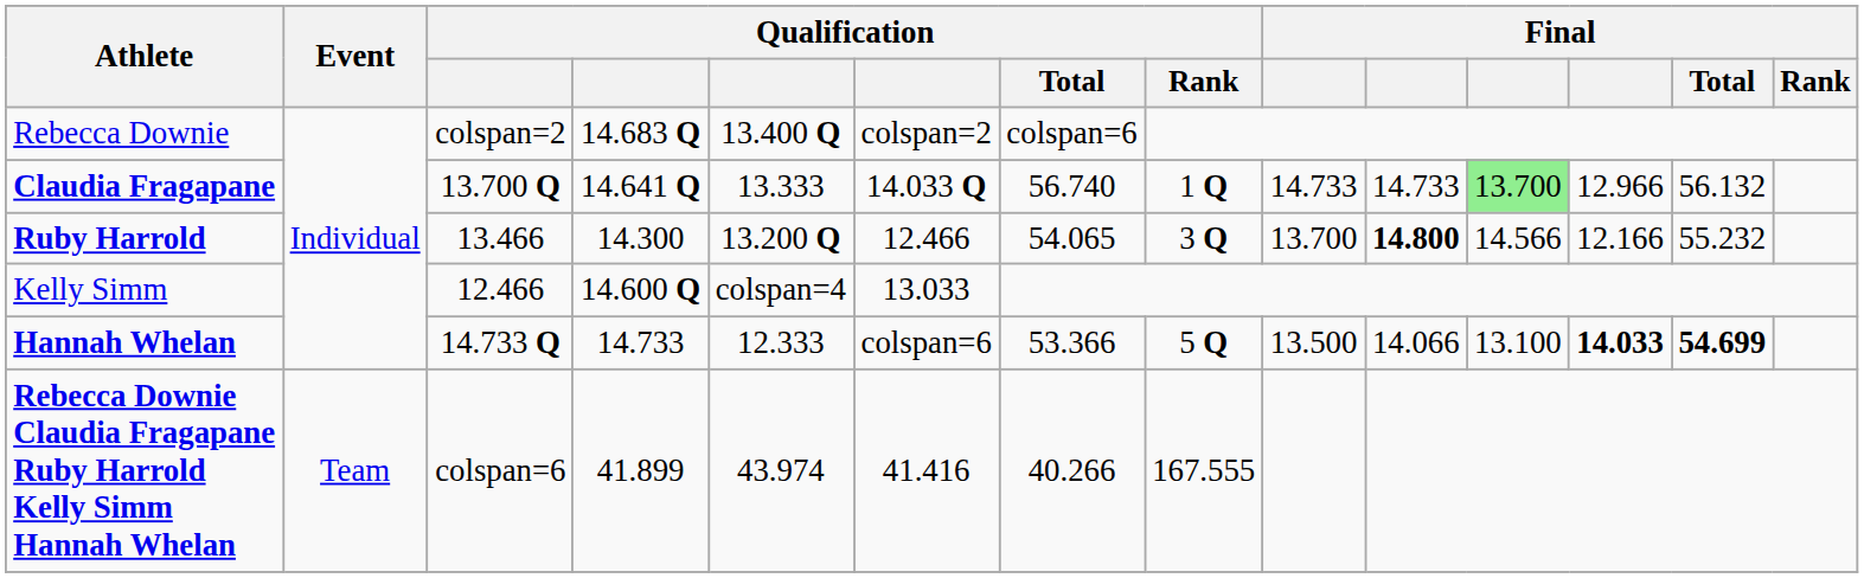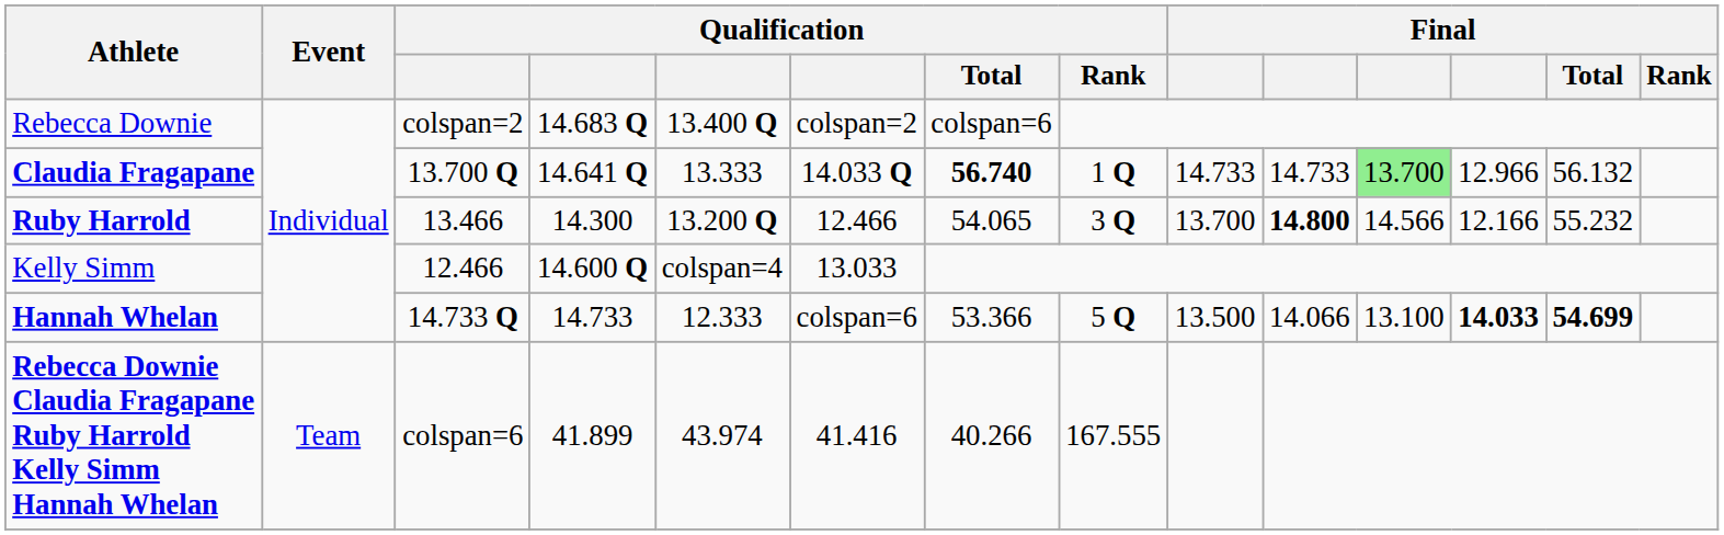 <table class="wikitable" style="font-size:90%">
 <tr>
 <th rowspan=2>Athlete</th>
 <th rowspan=2>Event</th>
 <th colspan =6>Qualification</th>
 <th colspan =6>Final</th>
 </tr>
 <tr style="font-size:95%">
 <th></th>
 <th></th>
 <th></th>
 <th></th>
 <th>Total</th>
 <th>Rank</th>
 <th></th>
 <th></th>
 <th></th>
 <th></th>
 <th>Total</th>
 <th>Rank</th>
 </tr>
 <tr align=center>
 <td align=left><a href='#'>Rebecca Downie</a></td>
 <td style="text-align:left;" rowspan="5"><a href='#'>Individual</a></td>
 <td>colspan=2 </td>
 <td>14.683 <strong>Q</strong></td>
 <td>13.400 <strong>Q</strong></td>
 <td>colspan=2 </td>
 <td>colspan=6 </td>
 </tr>
 <tr align=center>
 <td align=left><strong><a href='#'>Claudia Fragapane</a></strong></td>
 <td>13.700 <strong>Q</strong></td>
 <td>14.641 <strong>Q</strong></td>
 <td>13.333</td>
 <td>14.033 <strong>Q</strong></td>
-<td>56.740</td>
+<td><strong>56.740</strong></td>
 <td>1 <strong>Q</strong></td>
 <td>14.733</td>
 <td>14.733</td>
 <td style="background: lightgreen;">13.700</td>
 <td>12.966</td>
 <td>56.132</td>
 <td></td>
 </tr>
 <tr align=center>
 <td align=left><strong><a href='#'>Ruby Harrold</a></strong></td>
 <td>13.466</td>
 <td>14.300</td>
 <td>13.200 <strong>Q</strong></td>
 <td>12.466</td>
 <td>54.065</td>
 <td>3 <strong>Q</strong></td>
 <td>13.700</td>
 <td><strong>14.800</strong></td>
 <td>14.566</td>
 <td>12.166</td>
 <td>55.232</td>
 <td></td>
 </tr>
 <tr align=center>
 <td align=left><a href='#'>Kelly Simm</a></td>
 <td>12.466</td>
 <td>14.600 <strong>Q</strong></td>
 <td>colspan=4 </td>
 <td>13.033</td>
 </tr>
 <tr align=center>
 <td align=left><strong><a href='#'>Hannah Whelan</a></strong></td>
 <td>14.733 <strong>Q</strong></td>
 <td>14.733</td>
 <td>12.333</td>
 <td>colspan=6 </td>
 <td>53.366</td>
 <td>5 <strong>Q</strong></td>
 <td>13.500</td>
 <td>14.066</td>
 <td>13.100</td>
 <td><strong>14.033</strong></td>
 <td><strong>54.699</strong></td>
 <td></td>
 </tr>
 <tr align=center>
 <td align=left><strong><a href='#'>Rebecca Downie</a><br><a href='#'>Claudia Fragapane</a><br><a href='#'>Ruby Harrold</a><br><a href='#'>Kelly Simm</a><br><a href='#'>Hannah Whelan</a></strong></td>
 <td><a href='#'>Team</a></td>
 <td>colspan=6 </td>
 <td>41.899</td>
 <td>43.974</td>
 <td>41.416</td>
 <td>40.266</td>
 <td>167.555</td>
 <td></td>
 </tr>
 </table>
